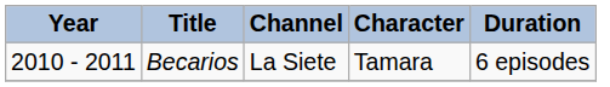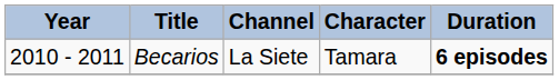 <table class="wikitable">
 <tr>
 <th style="background: #B0C4DE;">Year</th>
 <th style="background: #B0C4DE;">Title</th>
 <th style="background: #B0C4DE;">Channel</th>
 <th style="background: #B0C4DE;">Character</th>
 <th style="background: #B0C4DE;">Duration</th>
 </tr>
 <tr>
 <td>2010 - 2011</td>
 <td><em>Becarios</em></td>
 <td>La Siete</td>
 <td>Tamara</td>
-<td>6 episodes</td>
+<td><strong>6 episodes</strong></td>
 </tr>
 <tr>
 </tr>
 </table>
